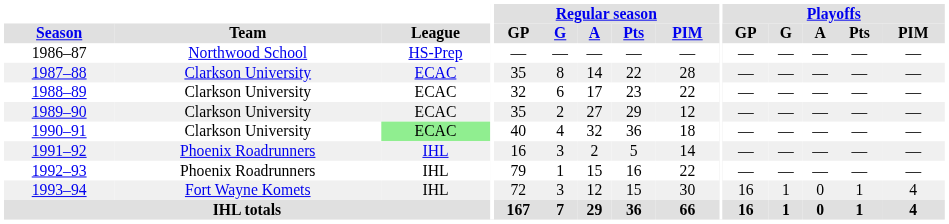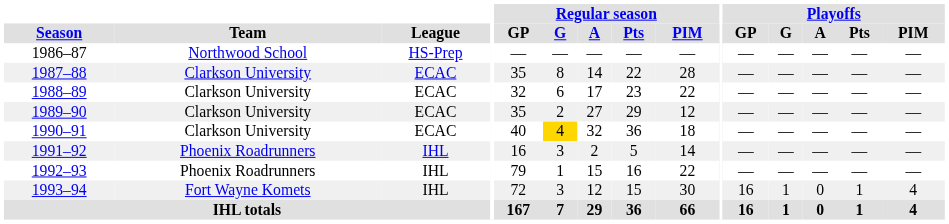 <table border="0" cellpadding="1" cellspacing="0" style="text-align:center; width:60em">
 <tr bgcolor="#e0e0e0">
 <th colspan="3" bgcolor="#ffffff"></th>
 <th rowspan="99" bgcolor="#ffffff"></th>
 <th colspan="5"><a href='#'>Regular season</a></th>
 <th rowspan="99" bgcolor="#ffffff"></th>
 <th colspan="5"><a href='#'>Playoffs</a></th>
 </tr>
 <tr bgcolor="#e0e0e0">
 <th><a href='#'>Season</a></th>
 <th>Team</th>
 <th>League</th>
 <th>GP</th>
 <th><a href='#'>G</a></th>
 <th><a href='#'>A</a></th>
 <th><a href='#'>Pts</a></th>
 <th><a href='#'>PIM</a></th>
 <th>GP</th>
 <th>G</th>
 <th>A</th>
 <th>Pts</th>
 <th>PIM</th>
 </tr>
 <tr>
 <td>1986–87</td>
 <td><a href='#'>Northwood School</a></td>
 <td><a href='#'>HS-Prep</a></td>
 <td>—</td>
 <td>—</td>
 <td>—</td>
 <td>—</td>
 <td>—</td>
 <td>—</td>
 <td>—</td>
 <td>—</td>
 <td>—</td>
 <td>—</td>
 </tr>
 <tr bgcolor="#f0f0f0">
 <td><a href='#'>1987–88</a></td>
 <td><a href='#'>Clarkson University</a></td>
 <td><a href='#'>ECAC</a></td>
 <td>35</td>
 <td>8</td>
 <td>14</td>
 <td>22</td>
 <td>28</td>
 <td>—</td>
 <td>—</td>
 <td>—</td>
 <td>—</td>
 <td>—</td>
 </tr>
 <tr>
 <td><a href='#'>1988–89</a></td>
 <td>Clarkson University</td>
 <td>ECAC</td>
 <td>32</td>
 <td>6</td>
 <td>17</td>
 <td>23</td>
 <td>22</td>
 <td>—</td>
 <td>—</td>
 <td>—</td>
 <td>—</td>
 <td>—</td>
 </tr>
 <tr bgcolor="#f0f0f0">
 <td><a href='#'>1989–90</a></td>
 <td>Clarkson University</td>
 <td>ECAC</td>
 <td>35</td>
 <td>2</td>
 <td>27</td>
 <td>29</td>
 <td>12</td>
 <td>—</td>
 <td>—</td>
 <td>—</td>
 <td>—</td>
 <td>—</td>
 </tr>
 <tr>
 <td><a href='#'>1990–91</a></td>
 <td>Clarkson University</td>
-<td style="background: lightgreen;">ECAC</td>
+<td>ECAC</td>
 <td>40</td>
-<td>4</td>
+<td style="background: gold;">4</td>
 <td>32</td>
 <td>36</td>
 <td>18</td>
 <td>—</td>
 <td>—</td>
 <td>—</td>
 <td>—</td>
 <td>—</td>
 </tr>
 <tr bgcolor="#f0f0f0">
 <td><a href='#'>1991–92</a></td>
 <td><a href='#'>Phoenix Roadrunners</a></td>
 <td><a href='#'>IHL</a></td>
 <td>16</td>
 <td>3</td>
 <td>2</td>
 <td>5</td>
 <td>14</td>
 <td>—</td>
 <td>—</td>
 <td>—</td>
 <td>—</td>
 <td>—</td>
 </tr>
 <tr>
 <td><a href='#'>1992–93</a></td>
 <td>Phoenix Roadrunners</td>
 <td>IHL</td>
 <td>79</td>
 <td>1</td>
 <td>15</td>
 <td>16</td>
 <td>22</td>
 <td>—</td>
 <td>—</td>
 <td>—</td>
 <td>—</td>
 <td>—</td>
 </tr>
 <tr bgcolor="#f0f0f0">
 <td><a href='#'>1993–94</a></td>
 <td><a href='#'>Fort Wayne Komets</a></td>
 <td>IHL</td>
 <td>72</td>
 <td>3</td>
 <td>12</td>
 <td>15</td>
 <td>30</td>
 <td>16</td>
 <td>1</td>
 <td>0</td>
 <td>1</td>
 <td>4</td>
 </tr>
 <tr bgcolor="#e0e0e0">
 <th colspan="3">IHL totals</th>
 <th>167</th>
 <th>7</th>
 <th>29</th>
 <th>36</th>
 <th>66</th>
 <th>16</th>
 <th>1</th>
 <th>0</th>
 <th>1</th>
 <th>4</th>
 </tr>
 </table>
